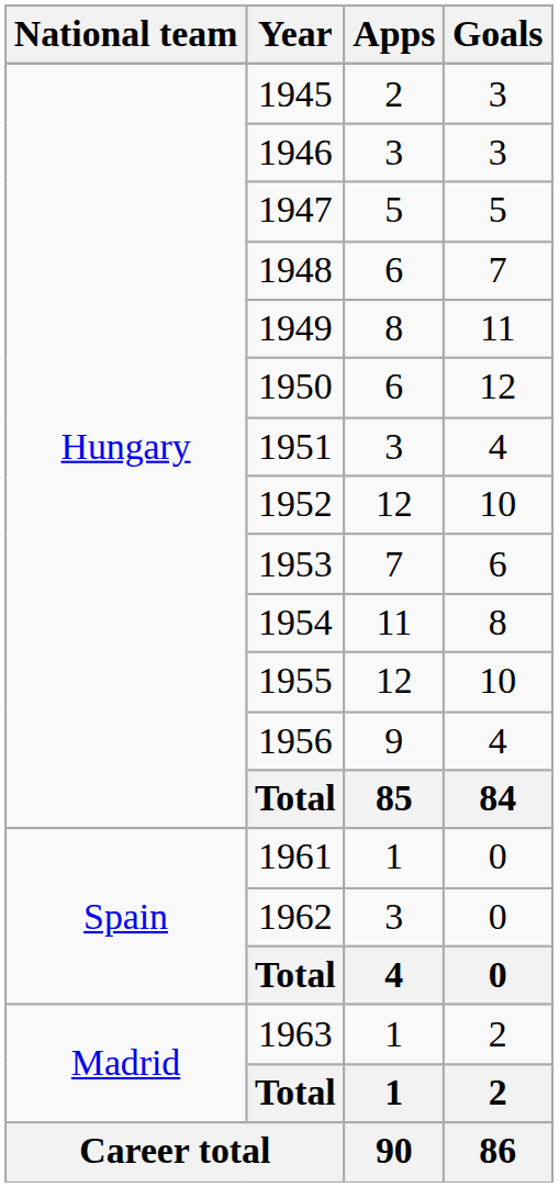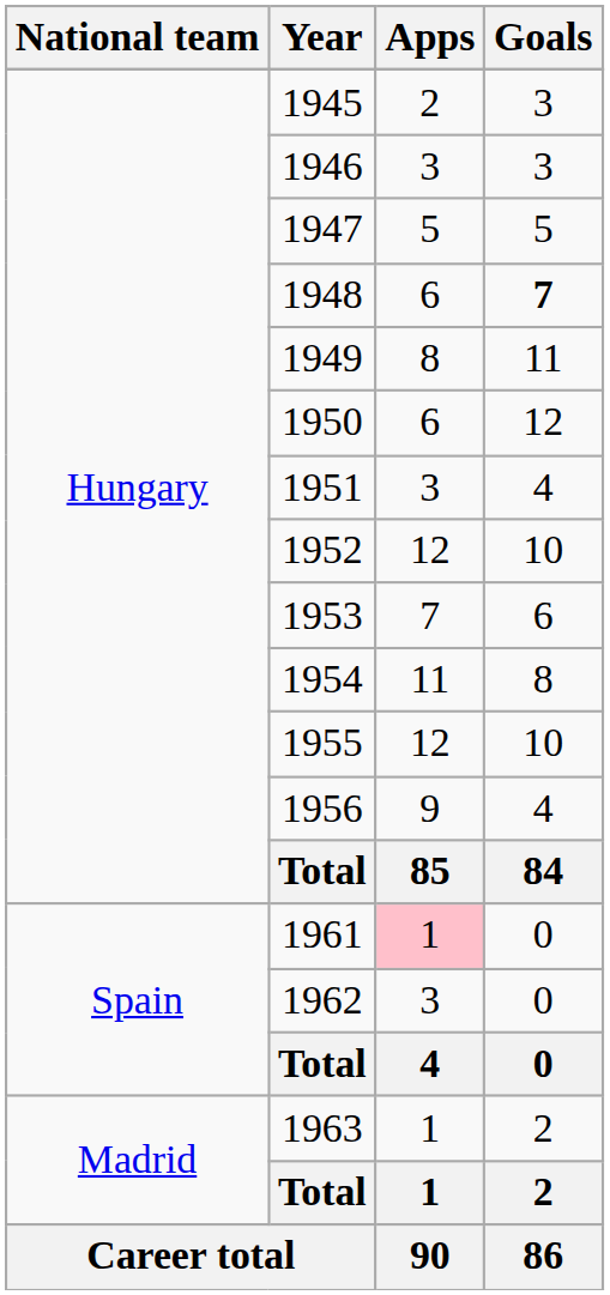 <table class="wikitable" style="text-align:center">
 <tr>
 <th>National team</th>
 <th>Year</th>
 <th>Apps</th>
 <th>Goals</th>
 </tr>
 <tr>
 </tr>
 <tr>
 <td rowspan="13"><a href='#'>Hungary</a></td>
 <td>1945</td>
 <td>2</td>
 <td>3</td>
 </tr>
 <tr>
 <td>1946</td>
 <td>3</td>
 <td>3</td>
 </tr>
 <tr>
 <td>1947</td>
 <td>5</td>
 <td>5</td>
 </tr>
 <tr>
 <td>1948</td>
 <td>6</td>
-<td>7</td>
+<td><strong>7</strong></td>
 </tr>
 <tr>
 <td>1949</td>
 <td>8</td>
 <td>11</td>
 </tr>
 <tr>
 <td>1950</td>
 <td>6</td>
 <td>12</td>
 </tr>
 <tr>
 <td>1951</td>
 <td>3</td>
 <td>4</td>
 </tr>
 <tr>
 <td>1952</td>
 <td>12</td>
 <td>10</td>
 </tr>
 <tr>
 <td>1953</td>
 <td>7</td>
 <td>6</td>
 </tr>
 <tr>
 <td>1954</td>
 <td>11</td>
 <td>8</td>
 </tr>
 <tr>
 <td>1955</td>
 <td>12</td>
 <td>10</td>
 </tr>
 <tr>
 <td>1956</td>
 <td>9</td>
 <td>4</td>
 </tr>
 <tr>
 <th>Total</th>
 <th>85</th>
 <th>84</th>
 </tr>
 <tr>
 <td rowspan="3"><a href='#'>Spain</a></td>
 <td>1961</td>
-<td>1</td>
+<td style="background: pink;">1</td>
 <td>0</td>
 </tr>
 <tr>
 <td>1962</td>
 <td>3</td>
 <td>0</td>
 </tr>
 <tr>
 <th>Total</th>
 <th>4</th>
 <th>0</th>
 </tr>
 <tr>
 <td rowspan="2"><a href='#'>Madrid</a></td>
 <td>1963</td>
 <td>1</td>
 <td>2</td>
 </tr>
 <tr>
 <th>Total</th>
 <th>1</th>
 <th>2</th>
 </tr>
 <tr>
 <th colspan="2">Career total</th>
 <th>90</th>
 <th>86</th>
 </tr>
 </table>
